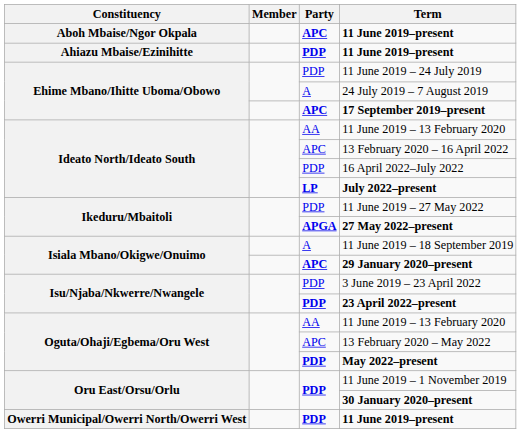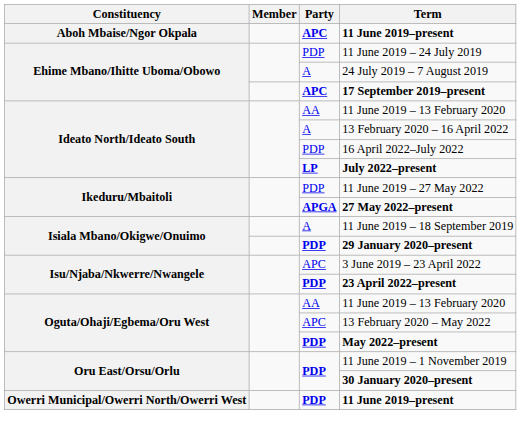 <table class="wikitable">
 <tr valign=bottom>
 <th>Constituency</th>
 <th>Member</th>
 <th>Party</th>
 <th>Term</th>
 </tr>
 <tr>
 <th>Aboh Mbaise/Ngor Okpala</th>
 <td><strong></strong></td>
 <td><strong><a href='#'>APC</a></strong></td>
-<td><strong>11 June 2019–present</strong></td>
-</tr>
-<tr>
-<th>Ahiazu Mbaise/Ezinihitte</th>
-<td><strong></strong></td>
-<td><strong><a href='#'>PDP</a></strong></td>
 <td><strong>11 June 2019–present</strong></td>
 </tr>
 <tr>
 <th rowspan=3>Ehime Mbano/Ihitte Uboma/Obowo</th>
 <td style="opacity:.3;" rowspan=2></td>
 <td><a href='#'>PDP</a></td>
 <td>11 June 2019 – 24 July 2019</td>
 </tr>
 <tr>
 <td><a href='#'>A</a></td>
 <td>24 July 2019 – 7 August 2019</td>
 </tr>
 <tr>
 <td><strong></strong></td>
 <td><strong><a href='#'>APC</a></strong></td>
 <td><strong>17 September 2019–present</strong></td>
 </tr>
 <tr>
 <th rowspan=4>Ideato North/Ideato South</th>
 <td rowspan=4><strong></strong></td>
 <td><a href='#'>AA</a></td>
 <td>11 June 2019 – 13 February 2020</td>
 </tr>
 <tr>
-<td><a href='#'>APC</a></td>
+<td><a href='#'>A</a></td>
 <td>13 February 2020 – 16 April 2022</td>
 </tr>
 <tr>
 <td><a href='#'>PDP</a></td>
 <td>16 April 2022–July 2022</td>
 </tr>
 <tr>
 <td><strong><a href='#'>LP</a></strong></td>
 <td><strong>July 2022–present</strong></td>
 </tr>
 <tr>
 <th rowspan=2>Ikeduru/Mbaitoli</th>
 <td rowspan=2><strong></strong></td>
 <td><a href='#'>PDP</a></td>
 <td>11 June 2019 – 27 May 2022</td>
 </tr>
 <tr>
 <td><strong><a href='#'>APGA</a></strong></td>
 <td><strong>27 May 2022–present</strong></td>
 </tr>
 <tr>
 <th rowspan=2>Isiala Mbano/Okigwe/Onuimo</th>
 <td style="opacity:.4;"></td>
 <td><a href='#'>A</a></td>
 <td>11 June 2019 – 18 September 2019</td>
 </tr>
 <tr>
 <td><strong></strong></td>
-<td><strong><a href='#'>APC</a></strong></td>
+<td><strong><a href='#'>PDP</a></strong></td>
 <td><strong>29 January 2020–present</strong></td>
 </tr>
 <tr>
 <th rowspan=2>Isu/Njaba/Nkwerre/Nwangele</th>
 <td rowspan=2><strong></strong></td>
-<td><a href='#'>PDP</a></td>
+<td><a href='#'>APC</a></td>
 <td>3 June 2019 – 23 April 2022</td>
 </tr>
 <tr>
 <td><strong><a href='#'>PDP</a></strong></td>
 <td><strong>23 April 2022–present</strong></td>
 </tr>
 <tr>
 <th rowspan=3>Oguta/Ohaji/Egbema/Oru West</th>
 <td rowspan=3><strong></strong></td>
 <td><a href='#'>AA</a></td>
 <td>11 June 2019 – 13 February 2020</td>
 </tr>
 <tr>
 <td><a href='#'>APC</a></td>
 <td>13 February 2020 – May 2022</td>
 </tr>
 <tr>
 <td><strong><a href='#'>PDP</a></strong></td>
 <td><strong>May 2022–present</strong></td>
 </tr>
 <tr>
 <th rowspan=2>Oru East/Orsu/Orlu</th>
 <td rowspan=2><strong></strong></td>
 <td rowspan=2 ><strong><a href='#'>PDP</a></strong></td>
 <td>11 June 2019 – 1 November 2019</td>
 </tr>
 <tr>
 <td><strong>30 January 2020–present</strong></td>
 </tr>
 <tr>
 <th>Owerri Municipal/Owerri North/Owerri West</th>
 <td><strong></strong></td>
 <td><strong><a href='#'>PDP</a></strong></td>
 <td><strong>11 June 2019–present</strong></td>
 </tr>
 </table>
